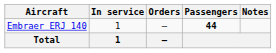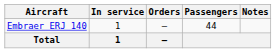 <table class="wikitable" style="margin:0.5em auto; text-align:center">
 <tr>
 <th>Aircraft</th>
 <th>In service</th>
 <th>Orders</th>
 <th>Passengers</th>
 <th>Notes</th>
 </tr>
 <tr>
 <td><a href='#'>Embraer ERJ 140</a></td>
 <td>1</td>
 <td>—</td>
-<td><strong>44</strong></td>
+<td>44</td>
 <td></td>
 </tr>
 <tr>
 <th>Total</th>
 <th>1</th>
 <th>—</th>
 <th colspan=2></th>
 </tr>
 </table>
